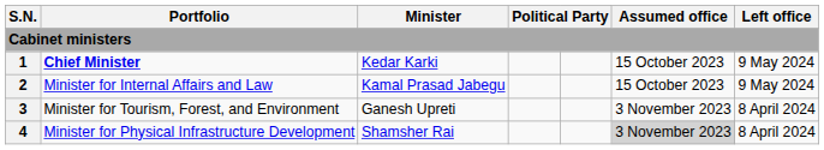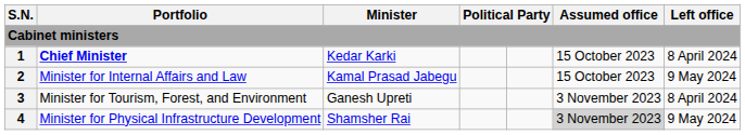 <table class="wikitable">
 <tr>
 <th>S.N.</th>
 <th>Portfolio</th>
 <th>Minister<br></th>
 <th colspan="2">Political Party</th>
 <th>Assumed office</th>
 <th>Left office</th>
 </tr>
 <tr>
 <td colspan="7" bgcolor="darkgrey"><strong>Cabinet ministers</strong></td>
 </tr>
 <tr>
 <th>1</th>
 <td><strong><a href='#'>Chief Minister</a><br></strong></td>
 <td><a href='#'>Kedar Karki</a><br></td>
 <td></td>
 <td></td>
 <td>15 October 2023</td>
-<td>9 May 2024</td>
+<td>8 April 2024</td>
 </tr>
 <tr>
 <th>2</th>
 <td><a href='#'>Minister for Internal Affairs and Law</a></td>
 <td><a href='#'>Kamal Prasad Jabegu</a><br></td>
 <td></td>
 <td></td>
 <td>15 October 2023</td>
 <td>9 May 2024</td>
 </tr>
 <tr>
 <th>3</th>
 <td>Minister for Tourism, Forest, and Environment</td>
 <td>Ganesh Upreti<br></td>
 <td></td>
 <td></td>
 <td>3 November 2023</td>
 <td>8 April 2024</td>
 </tr>
 <tr>
 <th>4</th>
 <td><a href='#'>Minister for Physical Infrastructure Development</a></td>
 <td><a href='#'>Shamsher Rai</a><br></td>
 <td></td>
 <td></td>
 <td style="background: lightgrey;">3 November 2023</td>
-<td>8 April 2024</td>
+<td>9 May 2024</td>
 </tr>
 </table>
